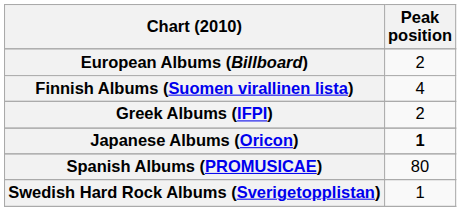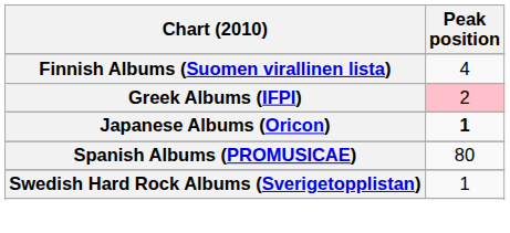 <table class="wikitable sortable plainrowheaders" style="text-align:center">
 <tr>
 <th>Chart (2010)</th>
 <th>Peak<br>position</th>
 </tr>
 <tr>
 </tr>
 <tr>
 </tr>
 <tr>
 </tr>
 <tr>
 </tr>
 <tr>
 </tr>
 <tr>
 </tr>
 <tr>
-<th scope="row">European Albums (<em>Billboard</em>)</th>
-<td align="center">2</td>
-</tr>
-<tr>
 <th scope="row">Finnish Albums (<a href='#'>Suomen virallinen lista</a>)</th>
 <td align="center">4</td>
 </tr>
 <tr>
 </tr>
 <tr>
 </tr>
 <tr>
 <th scope="row">Greek Albums (<a href='#'>IFPI</a>)</th>
-<td align="middle">2</td>
+<td align="middle" style="background: pink;">2</td>
 </tr>
 <tr>
 </tr>
 <tr>
 </tr>
 <tr>
 <th scope="row">Japanese Albums (<a href='#'>Oricon</a>)</th>
 <td style="text-align:center;"><strong>1</strong></td>
 </tr>
 <tr>
 </tr>
 <tr>
 </tr>
 <tr>
 </tr>
 <tr>
 <th scope="row">Spanish Albums (<a href='#'>PROMUSICAE</a>)</th>
 <td align="center">80</td>
 </tr>
 <tr>
 </tr>
 <tr>
 <th scope="row">Swedish Hard Rock Albums (<a href='#'>Sverigetopplistan</a>)</th>
 <td align="center">1</td>
 </tr>
 <tr>
 </tr>
 <tr>
 </tr>
 <tr>
 </tr>
 <tr>
 </tr>
 <tr>
 </tr>
 <tr>
 </tr>
 <tr>
 </tr>
 <tr>
 </tr>
 <tr>
 </tr>
 </table>
